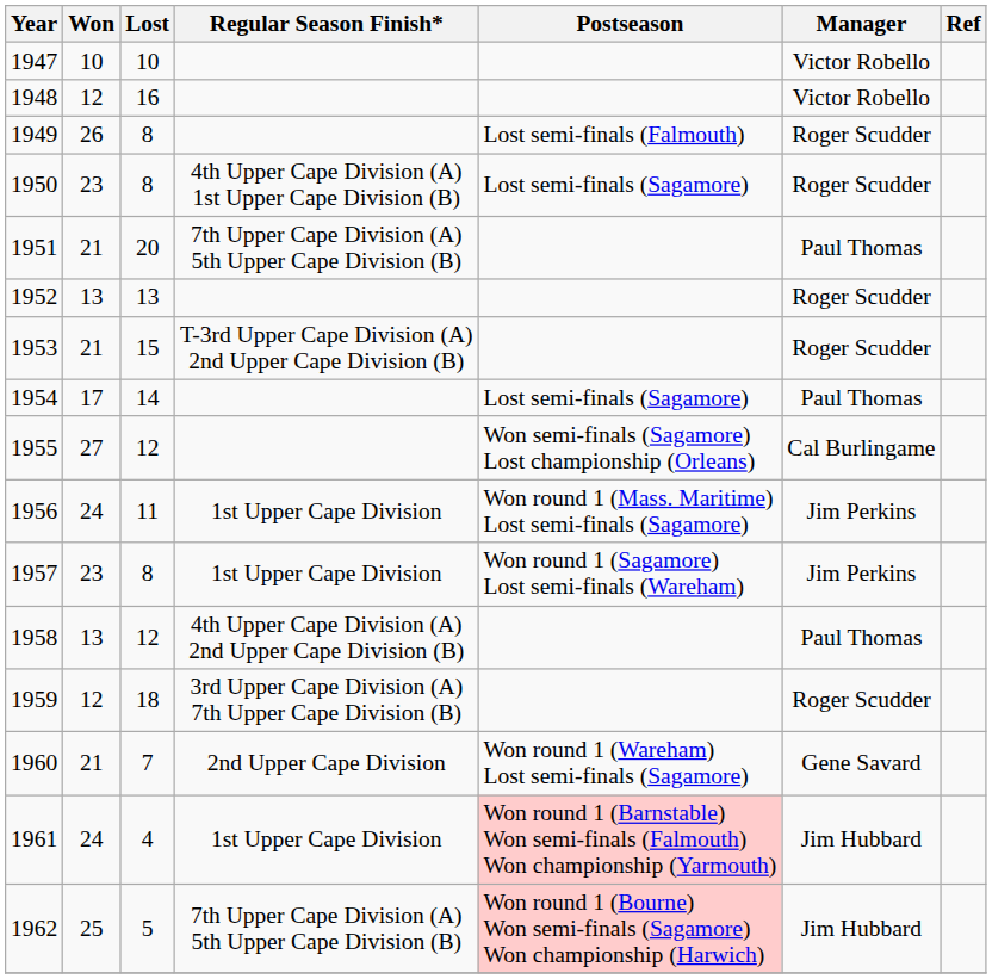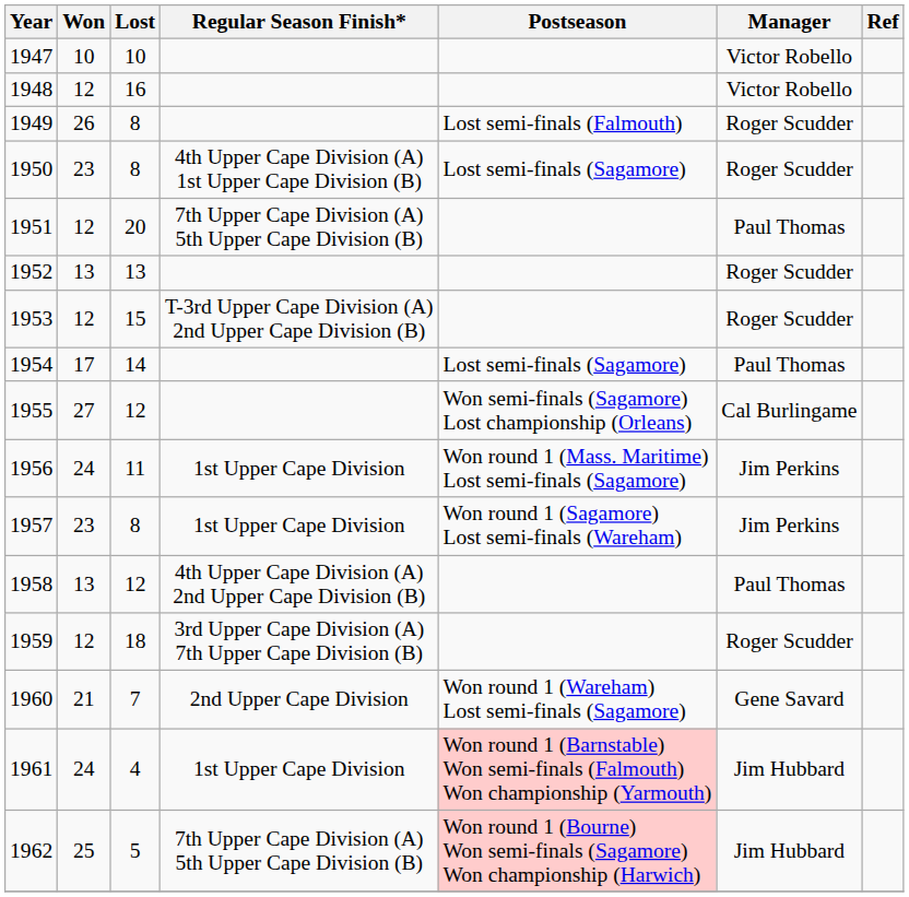 <table class="wikitable" style="text-align:center">
 <tr>
 <th>Year</th>
 <th>Won</th>
 <th>Lost</th>
 <th>Regular Season Finish*</th>
 <th>Postseason</th>
 <th>Manager</th>
 <th>Ref</th>
 </tr>
 <tr>
 <td>1947</td>
 <td>10</td>
 <td>10</td>
 <td></td>
 <td></td>
 <td>Victor Robello</td>
 <td></td>
 </tr>
 <tr>
 <td>1948</td>
 <td>12</td>
 <td>16</td>
 <td></td>
 <td></td>
 <td>Victor Robello</td>
 <td></td>
 </tr>
 <tr>
 <td>1949</td>
 <td>26</td>
 <td>8</td>
 <td></td>
 <td style="text-align:left">Lost semi-finals (<a href='#'>Falmouth</a>)</td>
 <td>Roger Scudder</td>
 <td></td>
 </tr>
 <tr>
 <td>1950</td>
 <td>23</td>
 <td>8</td>
 <td>4th Upper Cape Division (A)<br>1st Upper Cape Division (B)</td>
 <td style="text-align:left">Lost semi-finals (<a href='#'>Sagamore</a>)</td>
 <td>Roger Scudder</td>
 <td></td>
 </tr>
 <tr>
 <td>1951</td>
-<td>21</td>
+<td>12</td>
 <td>20</td>
 <td>7th Upper Cape Division (A)<br>5th Upper Cape Division (B)</td>
 <td></td>
 <td>Paul Thomas</td>
 <td></td>
 </tr>
 <tr>
 <td>1952</td>
 <td>13</td>
 <td>13</td>
 <td></td>
 <td></td>
 <td>Roger Scudder</td>
 <td></td>
 </tr>
 <tr>
 <td>1953</td>
-<td>21</td>
+<td>12</td>
 <td>15</td>
 <td>T-3rd Upper Cape Division (A)<br>2nd Upper Cape Division (B)</td>
 <td></td>
 <td>Roger Scudder</td>
 <td></td>
 </tr>
 <tr>
 <td>1954</td>
 <td>17</td>
 <td>14</td>
 <td></td>
 <td style="text-align:left">Lost semi-finals (<a href='#'>Sagamore</a>)</td>
 <td>Paul Thomas</td>
 <td></td>
 </tr>
 <tr>
 <td>1955</td>
 <td>27</td>
 <td>12</td>
 <td></td>
 <td style="text-align:left">Won semi-finals (<a href='#'>Sagamore</a>)<br>Lost championship (<a href='#'>Orleans</a>)</td>
 <td>Cal Burlingame</td>
 <td></td>
 </tr>
 <tr>
 <td>1956</td>
 <td>24</td>
 <td>11</td>
 <td>1st Upper Cape Division</td>
 <td style="text-align:left">Won round 1 (<a href='#'>Mass. Maritime</a>)<br>Lost semi-finals (<a href='#'>Sagamore</a>)</td>
 <td>Jim Perkins</td>
 <td></td>
 </tr>
 <tr>
 <td>1957</td>
 <td>23</td>
 <td>8</td>
 <td>1st Upper Cape Division</td>
 <td style="text-align:left">Won round 1 (<a href='#'>Sagamore</a>)<br>Lost semi-finals (<a href='#'>Wareham</a>)</td>
 <td>Jim Perkins</td>
 <td></td>
 </tr>
 <tr>
 <td>1958</td>
 <td>13</td>
 <td>12</td>
 <td>4th Upper Cape Division (A)<br>2nd Upper Cape Division (B)</td>
 <td></td>
 <td>Paul Thomas</td>
 <td></td>
 </tr>
 <tr>
 <td>1959</td>
 <td>12</td>
 <td>18</td>
 <td>3rd Upper Cape Division (A)<br>7th Upper Cape Division (B)</td>
 <td></td>
 <td>Roger Scudder</td>
 <td></td>
 </tr>
 <tr>
 <td>1960</td>
 <td>21</td>
 <td>7</td>
 <td>2nd Upper Cape Division</td>
 <td style="text-align:left">Won round 1 (<a href='#'>Wareham</a>)<br>Lost semi-finals (<a href='#'>Sagamore</a>)</td>
 <td>Gene Savard</td>
 <td></td>
 </tr>
 <tr>
 <td>1961</td>
 <td>24</td>
 <td>4</td>
 <td>1st Upper Cape Division</td>
 <td style="text-align:left" bgcolor=#ffcccc>Won round 1 (<a href='#'>Barnstable</a>)<br>Won semi-finals (<a href='#'>Falmouth</a>)<br>Won championship (<a href='#'>Yarmouth</a>)</td>
 <td>Jim Hubbard</td>
 <td></td>
 </tr>
 <tr>
 <td>1962</td>
 <td>25</td>
 <td>5</td>
 <td>7th Upper Cape Division (A)<br>5th Upper Cape Division (B)</td>
 <td style="text-align:left" bgcolor=#ffcccc>Won round 1 (<a href='#'>Bourne</a>)<br>Won semi-finals (<a href='#'>Sagamore</a>)<br>Won championship (<a href='#'>Harwich</a>)</td>
 <td>Jim Hubbard</td>
 <td></td>
 </tr>
 <tr>
 </tr>
 </table>
